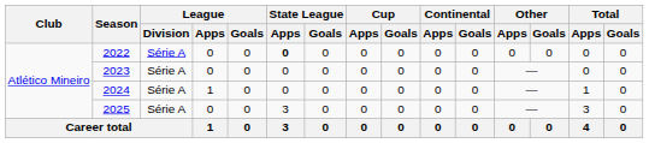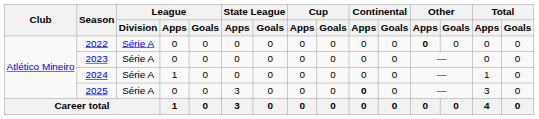 <table class="wikitable" style="text-align: center;">
 <tr>
 <th rowspan="2">Club</th>
 <th rowspan="2">Season</th>
 <th colspan="3">League</th>
 <th colspan="2">State League</th>
 <th colspan="2">Cup</th>
 <th colspan="2">Continental</th>
 <th colspan="2">Other</th>
 <th colspan="2">Total</th>
 </tr>
 <tr>
 <th>Division</th>
 <th>Apps</th>
 <th>Goals</th>
 <th>Apps</th>
 <th>Goals</th>
 <th>Apps</th>
 <th>Goals</th>
 <th>Apps</th>
 <th>Goals</th>
 <th>Apps</th>
 <th>Goals</th>
 <th>Apps</th>
 <th>Goals</th>
 </tr>
 <tr>
 <td valign="center" rowspan=4><a href='#'>Atlético Mineiro</a></td>
 <td><a href='#'>2022</a></td>
 <td><a href='#'>Série A</a></td>
 <td>0</td>
 <td>0</td>
-<td><strong>0</strong></td>
 <td>0</td>
 <td>0</td>
 <td>0</td>
 <td>0</td>
 <td>0</td>
 <td>0</td>
+<td><strong>0</strong></td>
 <td>0</td>
 <td>0</td>
 <td>0</td>
 </tr>
 <tr>
 <td><a href='#'>2023</a></td>
 <td>Série A</td>
 <td>0</td>
 <td>0</td>
 <td>0</td>
 <td>0</td>
 <td>0</td>
 <td>0</td>
 <td>0</td>
 <td>0</td>
 <td colspan="2">—</td>
 <td>0</td>
 <td>0</td>
 </tr>
 <tr>
 <td><a href='#'>2024</a></td>
 <td>Série A</td>
 <td>1</td>
 <td>0</td>
 <td>0</td>
 <td>0</td>
 <td>0</td>
 <td>0</td>
 <td>0</td>
 <td>0</td>
 <td colspan="2">—</td>
 <td>1</td>
 <td>0</td>
 </tr>
 <tr>
 <td><a href='#'>2025</a></td>
 <td>Série A</td>
 <td>0</td>
 <td>0</td>
 <td>3</td>
 <td>0</td>
 <td>0</td>
 <td>0</td>
-<td>0</td>
+<td><strong>0</strong></td>
 <td>0</td>
 <td colspan="2">—</td>
 <td>3</td>
 <td>0</td>
 </tr>
 <tr>
 <th colspan="3"><strong>Career total</strong></th>
 <th>1</th>
 <th>0</th>
 <th>3</th>
 <th>0</th>
 <th>0</th>
 <th>0</th>
 <th>0</th>
 <th>0</th>
 <th>0</th>
 <th>0</th>
 <th>4</th>
 <th>0</th>
 </tr>
 </table>
